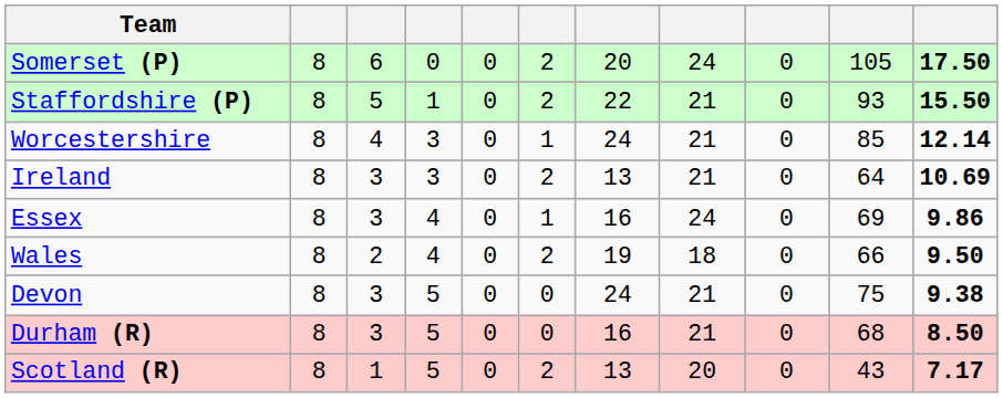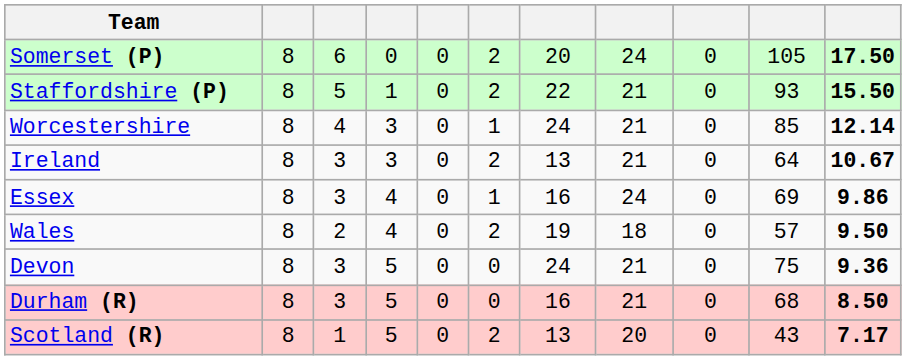 <table class="wikitable" style="text-align:center">
 <tr>
 <th width="150">Team</th>
 <th width="25"></th>
 <th width="25"></th>
 <th width="25"></th>
 <th width="25"></th>
 <th width="25"></th>
 <th width="40"></th>
 <th width="40"></th>
 <th width="40"></th>
 <th width="40"></th>
 <th width="40"></th>
 </tr>
 <tr style="background:#cfc;">
 <td style="text-align:left"><a href='#'>Somerset</a> <strong>(P)</strong></td>
 <td>8</td>
 <td>6</td>
 <td>0</td>
 <td>0</td>
 <td>2</td>
 <td>20</td>
 <td>24</td>
 <td>0</td>
 <td>105</td>
 <td><strong>17.50</strong></td>
 </tr>
 <tr style="background:#cfc;">
 <td style="text-align:left"><a href='#'>Staffordshire</a> <strong>(P)</strong></td>
 <td>8</td>
 <td>5</td>
 <td>1</td>
 <td>0</td>
 <td>2</td>
 <td>22</td>
 <td>21</td>
 <td>0</td>
 <td>93</td>
 <td><strong>15.50</strong></td>
 </tr>
 <tr>
 <td style="text-align:left"><a href='#'>Worcestershire</a></td>
 <td>8</td>
 <td>4</td>
 <td>3</td>
 <td>0</td>
 <td>1</td>
 <td>24</td>
 <td>21</td>
 <td>0</td>
 <td>85</td>
 <td><strong>12.14</strong></td>
 </tr>
 <tr>
 <td style="text-align:left"><a href='#'>Ireland</a></td>
 <td>8</td>
 <td>3</td>
 <td>3</td>
 <td>0</td>
 <td>2</td>
 <td>13</td>
 <td>21</td>
 <td>0</td>
 <td>64</td>
-<td><strong>10.69</strong></td>
+<td><strong>10.67</strong></td>
 </tr>
 <tr>
 <td style="text-align:left"><a href='#'>Essex</a></td>
 <td>8</td>
 <td>3</td>
 <td>4</td>
 <td>0</td>
 <td>1</td>
 <td>16</td>
 <td>24</td>
 <td>0</td>
 <td>69</td>
 <td><strong>9.86</strong></td>
 </tr>
 <tr>
 <td style="text-align:left"><a href='#'>Wales</a></td>
 <td>8</td>
 <td>2</td>
 <td>4</td>
 <td>0</td>
 <td>2</td>
 <td>19</td>
 <td>18</td>
 <td>0</td>
-<td>66</td>
+<td>57</td>
 <td><strong>9.50</strong></td>
 </tr>
 <tr>
 <td style="text-align:left"><a href='#'>Devon</a></td>
 <td>8</td>
 <td>3</td>
 <td>5</td>
 <td>0</td>
 <td>0</td>
 <td>24</td>
 <td>21</td>
 <td>0</td>
 <td>75</td>
-<td><strong>9.38</strong></td>
+<td><strong>9.36</strong></td>
 </tr>
 <tr style="background:#FFCCCC">
 <td style="text-align:left"><a href='#'>Durham</a> <strong>(R)</strong></td>
 <td>8</td>
 <td>3</td>
 <td>5</td>
 <td>0</td>
 <td>0</td>
 <td>16</td>
 <td>21</td>
 <td>0</td>
 <td>68</td>
 <td><strong>8.50</strong></td>
 </tr>
 <tr style="background:#FFCCCC">
 <td style="text-align:left"><a href='#'>Scotland</a> <strong>(R)</strong></td>
 <td>8</td>
 <td>1</td>
 <td>5</td>
 <td>0</td>
 <td>2</td>
 <td>13</td>
 <td>20</td>
 <td>0</td>
 <td>43</td>
 <td><strong>7.17</strong></td>
 </tr>
 </table>
